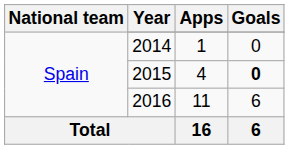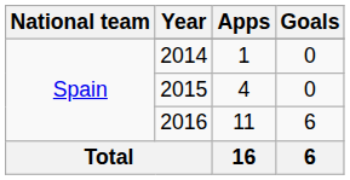 <table class="wikitable" style="text-align:center">
 <tr>
 <th>National team</th>
 <th>Year</th>
 <th>Apps</th>
 <th>Goals</th>
 </tr>
 <tr>
 <td rowspan="4"><a href='#'>Spain</a></td>
 </tr>
 <tr>
 <td>2014</td>
 <td>1</td>
 <td>0</td>
 </tr>
 <tr>
 <td>2015</td>
 <td>4</td>
-<td><strong>0</strong></td>
+<td>0</td>
 </tr>
 <tr>
 <td>2016</td>
 <td>11</td>
 <td>6</td>
 </tr>
 <tr>
 <th colspan="2">Total</th>
 <th>16</th>
 <th>6</th>
 </tr>
 </table>
